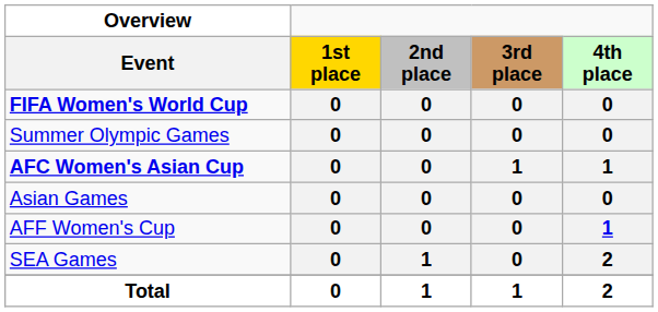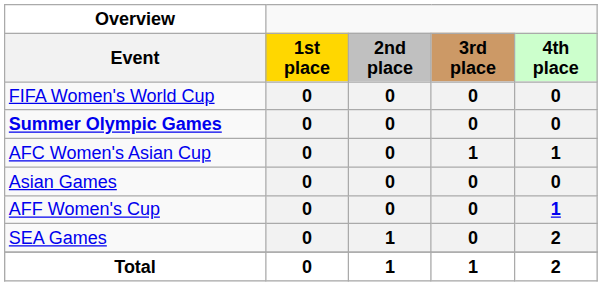 <table class="wikitable" style="width:30%; font-size:90%; text-align:center;">
 <tr>
 <th style="color:black; background:#FFFFFF; ">Overview</th>
 </tr>
 <tr>
 <th>Event</th>
 <th style="width:14%; background:gold;">1st place</th>
 <th style="width:14%; background:silver;">2nd place</th>
 <th style="width:14%; background:#c96;">3rd place</th>
 <th style="width:14%; background:#ccffcc;">4th place</th>
 </tr>
 <tr>
-<td align=left><strong><a href='#'>FIFA Women's World Cup</a></strong></td>
+<td align=left><a href='#'>FIFA Women's World Cup</a></td>
 <th>0</th>
 <th>0</th>
 <th>0</th>
 <th>0</th>
 </tr>
 <tr>
-<td align="left"><a href='#'>Summer Olympic Games</a></td>
+<td align="left"><strong><a href='#'>Summer Olympic Games</a></strong></td>
 <th>0</th>
 <th>0</th>
 <th>0</th>
 <th>0</th>
 </tr>
 <tr>
-<td align=left><strong><a href='#'>AFC Women's Asian Cup</a></strong></td>
+<td align=left><a href='#'>AFC Women's Asian Cup</a></td>
 <th>0</th>
 <th>0</th>
 <th>1</th>
 <th>1</th>
 </tr>
 <tr>
 <td align="left"><a href='#'>Asian Games</a></td>
 <th>0</th>
 <th>0</th>
 <th>0</th>
 <th>0</th>
 </tr>
 <tr>
 <td align="left"><a href='#'>AFF Women's Cup</a></td>
 <th>0</th>
 <th>0</th>
 <th>0</th>
 <th><a href='#'>1</a></th>
 </tr>
 <tr>
 <td align="left"><a href='#'>SEA Games</a></td>
 <th>0</th>
 <th>1</th>
 <th>0</th>
 <th>2</th>
 </tr>
 <tr>
 </tr>
 <tr style="background:silver">
 <th style="color:black; background:#FFFFFF; ">Total</th>
 <th style="color:black; background:#FFFFFF; ">0</th>
 <th style="color:black; background:#FFFFFF; ">1</th>
 <th style="color:black; background:#FFFFFF; ">1</th>
 <th style="color:black; background:#FFFFFF; ">2</th>
 </tr>
 </table>
